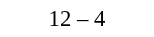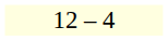 <table style="text-align:center">
 <tr>
 <th width=200></th>
 <th width=100></th>
 <th width=200></th>
 </tr>
 <tr>
 <td align=right><strong></strong></td>
-<td>12 – 4</td>
+<td style="background: lightyellow;">12 – 4</td>
 <td align=left></td>
 </tr>
 </table>
